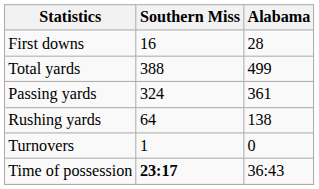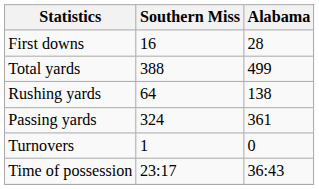 <table class="wikitable" style="float: left;">
 <tr>
 <th>Statistics</th>
 <th style=>Southern Miss</th>
 <th>Alabama</th>
 </tr>
 <tr>
 <td>First downs</td>
 <td>16</td>
 <td>28</td>
 </tr>
 <tr>
 <td>Total yards</td>
 <td>388</td>
 <td>499</td>
 </tr>
 <tr>
+<td>Rushing yards</td>
+<td>64</td>
+<td>138</td>
+</tr>
+<tr>
 <td>Passing yards</td>
 <td>324</td>
 <td>361</td>
-</tr>
-<tr>
-<td>Rushing yards</td>
-<td>64</td>
-<td>138</td>
 </tr>
 <tr>
 <td>Turnovers</td>
 <td>1</td>
 <td>0</td>
 </tr>
 <tr>
 <td>Time of possession</td>
-<td><strong>23:17</strong></td>
+<td>23:17</td>
 <td>36:43</td>
 </tr>
 <tr>
 </tr>
 </table>
